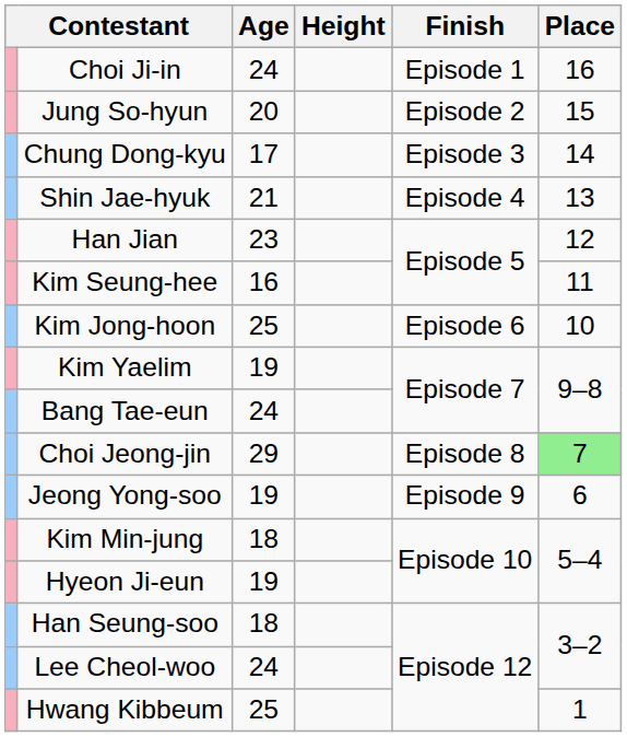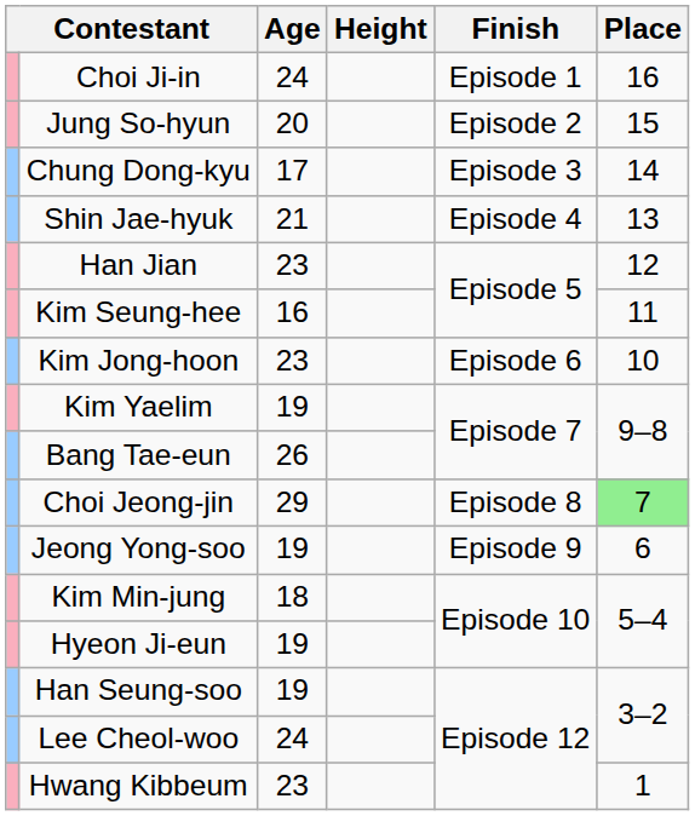 <table class="wikitable sortable" style="text-align:center;">
 <tr>
 <th colspan="2">Contestant</th>
 <th>Age</th>
 <th>Height</th>
 <th>Finish</th>
 <th>Place</th>
 </tr>
 <tr>
 <td style="background:#faafbe"></td>
 <td>Choi Ji-in</td>
 <td>24</td>
 <td></td>
 <td>Episode 1</td>
 <td>16</td>
 </tr>
 <tr>
 <td style="background:#faafbe"></td>
 <td>Jung So-hyun</td>
 <td>20</td>
 <td></td>
 <td>Episode 2</td>
 <td>15</td>
 </tr>
 <tr>
 <th style="background:#9cf;"></th>
 <td>Chung Dong-kyu</td>
 <td>17</td>
 <td></td>
 <td>Episode 3</td>
 <td>14</td>
 </tr>
 <tr>
 <th style="background:#9cf;"></th>
 <td>Shin Jae-hyuk</td>
 <td>21</td>
 <td></td>
 <td>Episode 4</td>
 <td>13</td>
 </tr>
 <tr>
 <td style="background:#faafbe"></td>
 <td>Han Jian</td>
 <td>23</td>
 <td></td>
 <td rowspan="2">Episode 5</td>
 <td>12</td>
 </tr>
 <tr>
 <td style="background:#faafbe"></td>
 <td>Kim Seung-hee</td>
 <td>16</td>
 <td></td>
 <td>11</td>
 </tr>
 <tr>
 <th style="background:#9cf;"></th>
 <td>Kim Jong-hoon</td>
-<td>25</td>
+<td>23</td>
 <td></td>
 <td>Episode 6</td>
 <td>10</td>
 </tr>
 <tr>
 <td style="background:#faafbe"></td>
 <td>Kim Yaelim</td>
 <td>19</td>
 <td></td>
 <td rowspan="2">Episode 7</td>
 <td rowspan="2">9–8</td>
 </tr>
 <tr>
 <th style="background:#9cf;"></th>
 <td>Bang Tae-eun</td>
-<td>24</td>
+<td>26</td>
 <td></td>
 </tr>
 <tr>
 <th style="background:#9cf;"></th>
 <td>Choi Jeong-jin</td>
 <td>29</td>
 <td></td>
 <td>Episode 8</td>
 <td style="background: lightgreen;">7</td>
 </tr>
 <tr>
 <th style="background:#9cf;"></th>
 <td>Jeong Yong-soo</td>
 <td>19</td>
 <td></td>
 <td>Episode 9</td>
 <td>6</td>
 </tr>
 <tr>
 <td style="background:#faafbe"></td>
 <td>Kim Min-jung</td>
 <td>18</td>
 <td></td>
 <td rowspan="2">Episode 10</td>
 <td rowspan="2">5–4</td>
 </tr>
 <tr>
 <td style="background:#faafbe"></td>
 <td>Hyeon Ji-eun</td>
 <td>19</td>
 <td></td>
 </tr>
 <tr>
 <th style="background:#9cf;"></th>
 <td>Han Seung-soo</td>
-<td>18</td>
+<td>19</td>
 <td></td>
 <td rowspan="3">Episode 12</td>
 <td rowspan="2">3–2</td>
 </tr>
 <tr>
 <th style="background:#9cf;"></th>
 <td>Lee Cheol-woo</td>
 <td>24</td>
 <td></td>
 </tr>
 <tr>
 <td style="background:#faafbe"></td>
 <td>Hwang Kibbeum</td>
-<td>25</td>
+<td>23</td>
 <td></td>
 <td>1</td>
 </tr>
 </table>
